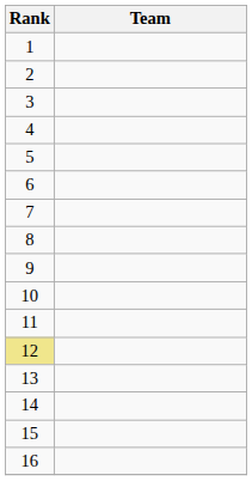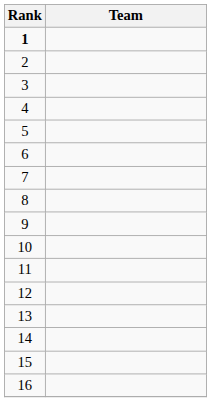 <table class="wikitable">
 <tr>
 <th>Rank</th>
 <th width=170>Team</th>
 </tr>
 <tr>
-<td align=center>1</td>
+<td align=center><strong>1</strong></td>
 <td></td>
 </tr>
 <tr>
 <td align=center>2</td>
 <td></td>
 </tr>
 <tr>
 <td align=center>3</td>
 <td></td>
 </tr>
 <tr>
 <td align=center>4</td>
 <td></td>
 </tr>
 <tr>
 <td align=center>5</td>
 <td></td>
 </tr>
 <tr>
 <td align=center>6</td>
 <td></td>
 </tr>
 <tr>
 <td align=center>7</td>
 <td></td>
 </tr>
 <tr>
 <td align=center>8</td>
 <td></td>
 </tr>
 <tr>
 <td align=center>9</td>
 <td></td>
 </tr>
 <tr>
 <td align=center>10</td>
 <td></td>
 </tr>
 <tr>
 <td align=center>11</td>
 <td></td>
 </tr>
 <tr>
-<td align=center style="background: khaki;">12</td>
+<td align=center>12</td>
 <td></td>
 </tr>
 <tr>
 <td align=center>13</td>
 <td></td>
 </tr>
 <tr>
 <td align=center>14</td>
 <td></td>
 </tr>
 <tr>
 <td align=center>15</td>
 <td></td>
 </tr>
 <tr>
 <td align=center>16</td>
 <td></td>
 </tr>
 <tr>
 </tr>
 </table>
